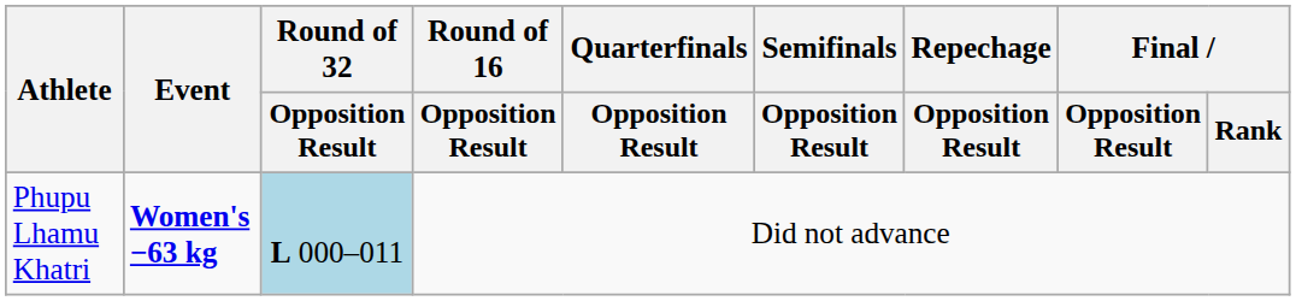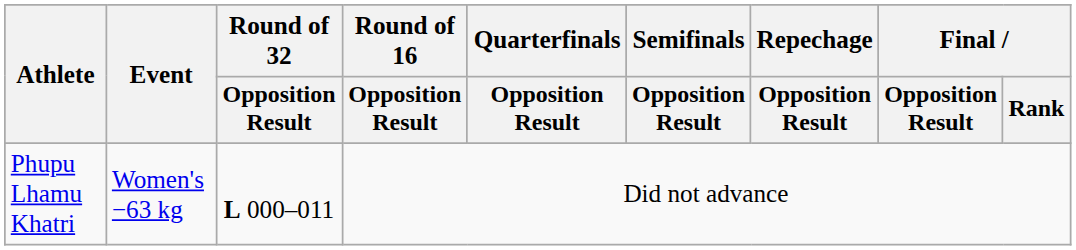 <table class="wikitable" style="font-size:90%">
 <tr>
 <th rowspan=2>Athlete</th>
 <th rowspan=2>Event</th>
 <th>Round of 32</th>
 <th>Round of 16</th>
 <th>Quarterfinals</th>
 <th>Semifinals</th>
 <th>Repechage</th>
 <th colspan=2>Final / </th>
 </tr>
 <tr style="font-size:95%">
 <th>Opposition<br>Result</th>
 <th>Opposition<br>Result</th>
 <th>Opposition<br>Result</th>
 <th>Opposition<br>Result</th>
 <th>Opposition<br>Result</th>
 <th>Opposition<br>Result</th>
 <th>Rank</th>
 </tr>
 <tr align=center>
 <td align=left><a href='#'>Phupu Lhamu Khatri</a></td>
-<td align=left><strong><a href='#'>Women's −63 kg</a></strong></td>
-<td style="background: lightblue;"><br><strong>L</strong> 000–011</td>
+<td align=left><a href='#'>Women's −63 kg</a></td>
+<td><br><strong>L</strong> 000–011</td>
 <td colspan=6>Did not advance</td>
 </tr>
 </table>
